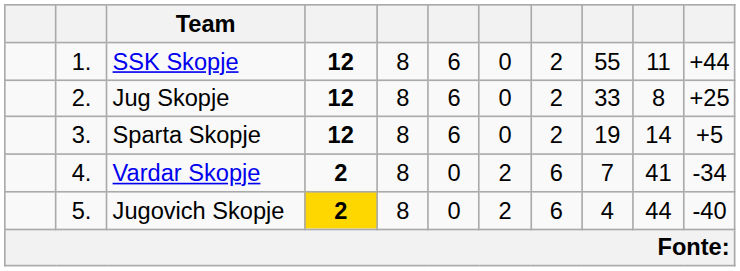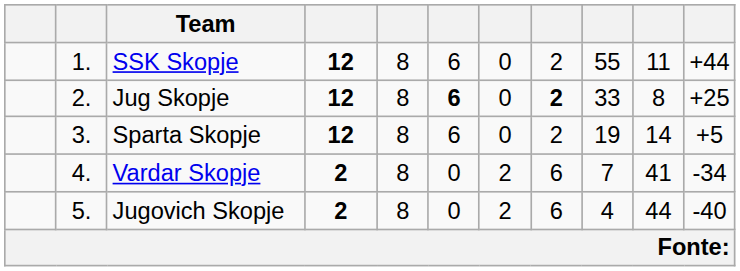 <table class="wikitable sortable" style="text-align: center; font-size: 90%;">
 <tr>
 <th width=7%></th>
 <th width=7%></th>
 <th width=27%>Team</th>
 <th width=10%></th>
 <th width=7%></th>
 <th width=7%></th>
 <th width=7%></th>
 <th width=7%></th>
 <th width=7%></th>
 <th width=7%></th>
 <th width=7%></th>
 </tr>
 <tr>
 <td></td>
 <td>1.</td>
 <td style="text-align:left;"><a href='#'> SSK Skopje</a></td>
 <td><strong>12</strong></td>
 <td>8</td>
 <td>6</td>
 <td>0</td>
 <td>2</td>
 <td>55</td>
 <td>11</td>
 <td>+44</td>
 </tr>
 <tr>
 <td></td>
 <td>2.</td>
 <td style="text-align:left;">Jug Skopje</td>
 <td><strong>12</strong></td>
 <td>8</td>
-<td>6</td>
+<td><strong>6</strong></td>
 <td>0</td>
-<td>2</td>
+<td><strong>2</strong></td>
 <td>33</td>
 <td>8</td>
 <td>+25</td>
 </tr>
 <tr>
 <td></td>
 <td>3.</td>
 <td style="text-align:left;">Sparta Skopje</td>
 <td><strong>12</strong></td>
 <td>8</td>
 <td>6</td>
 <td>0</td>
 <td>2</td>
 <td>19</td>
 <td>14</td>
 <td>+5</td>
 </tr>
 <tr>
 <td></td>
 <td>4.</td>
 <td style="text-align:left;"><a href='#'>Vardar Skopje</a></td>
 <td><strong>2</strong></td>
 <td>8</td>
 <td>0</td>
 <td>2</td>
 <td>6</td>
 <td>7</td>
 <td>41</td>
 <td>-34</td>
 </tr>
 <tr>
 <td></td>
 <td>5.</td>
 <td style="text-align:left;">Jugovich Skopje</td>
-<td style="background: gold;"><strong>2</strong></td>
+<td><strong>2</strong></td>
 <td>8</td>
 <td>0</td>
 <td>2</td>
 <td>6</td>
 <td>4</td>
 <td>44</td>
 <td>-40</td>
 </tr>
 <tr>
 <th colspan="11" style="text-align: right;">Fonte: </th>
 </tr>
 </table>
